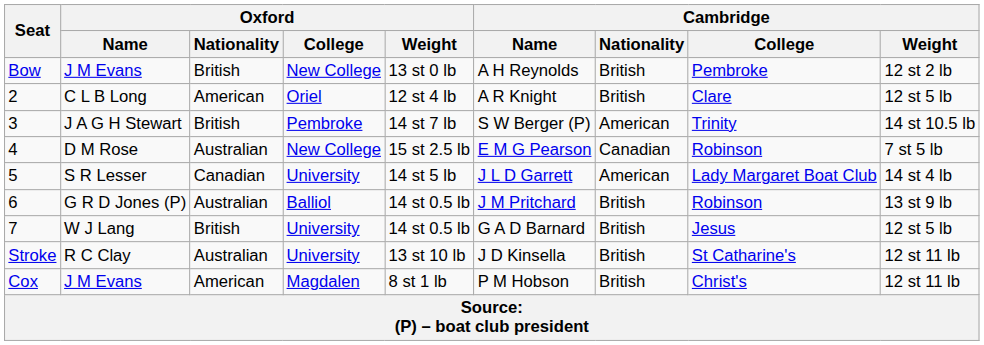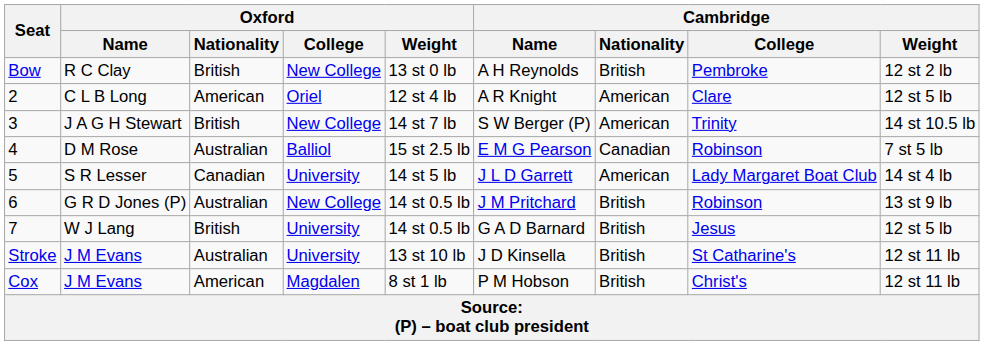 <table class="wikitable">
 <tr>
 <th rowspan="2" scope="col">Seat</th>
 <th colspan="4" scope="col">Oxford <br> </th>
 <th colspan="4" scope="col">Cambridge <br> </th>
 </tr>
 <tr>
 <th>Name</th>
 <th>Nationality</th>
 <th>College</th>
 <th>Weight</th>
 <th>Name</th>
 <th>Nationality</th>
 <th>College</th>
 <th>Weight</th>
 </tr>
 <tr>
 <td><a href='#'>Bow</a></td>
-<td><a href='#'>J M Evans</a></td>
+<td>R C Clay</td>
 <td>British</td>
 <td><a href='#'>New College</a></td>
 <td>13 st 0 lb</td>
 <td>A H Reynolds</td>
 <td>British</td>
 <td><a href='#'>Pembroke</a></td>
 <td>12 st 2 lb</td>
 </tr>
 <tr>
 <td>2</td>
 <td>C L B Long</td>
 <td>American</td>
 <td><a href='#'>Oriel</a></td>
 <td>12 st 4 lb</td>
 <td>A R Knight</td>
-<td>British</td>
+<td>American</td>
 <td><a href='#'>Clare</a></td>
 <td>12 st 5 lb</td>
 </tr>
 <tr>
 <td>3</td>
 <td>J A G H Stewart</td>
 <td>British</td>
-<td><a href='#'>Pembroke</a></td>
+<td><a href='#'>New College</a></td>
 <td>14 st 7 lb</td>
 <td>S W Berger (P)</td>
 <td>American</td>
 <td><a href='#'>Trinity</a></td>
 <td>14 st 10.5 lb</td>
 </tr>
 <tr>
 <td>4</td>
 <td>D M Rose</td>
 <td>Australian</td>
-<td><a href='#'>New College</a></td>
+<td><a href='#'>Balliol</a></td>
 <td>15 st 2.5 lb</td>
 <td><a href='#'>E M G Pearson</a></td>
 <td>Canadian</td>
 <td><a href='#'>Robinson</a></td>
 <td>7 st 5 lb</td>
 </tr>
 <tr>
 <td>5</td>
 <td>S R Lesser</td>
 <td>Canadian</td>
 <td><a href='#'>University</a></td>
 <td>14 st 5 lb</td>
 <td><a href='#'>J L D Garrett</a></td>
 <td>American</td>
 <td><a href='#'>Lady Margaret Boat Club</a></td>
 <td>14 st 4 lb</td>
 </tr>
 <tr>
 <td>6</td>
 <td>G R D Jones (P)</td>
 <td>Australian</td>
-<td><a href='#'>Balliol</a></td>
+<td><a href='#'>New College</a></td>
 <td>14 st 0.5 lb</td>
 <td><a href='#'>J M Pritchard</a></td>
 <td>British</td>
 <td><a href='#'>Robinson</a></td>
 <td>13 st 9 lb</td>
 </tr>
 <tr>
 <td>7</td>
 <td>W J Lang</td>
 <td>British</td>
 <td><a href='#'>University</a></td>
 <td>14 st 0.5 lb</td>
 <td>G A D Barnard</td>
 <td>British</td>
 <td><a href='#'>Jesus</a></td>
 <td>12 st 5 lb</td>
 </tr>
 <tr>
 <td><a href='#'>Stroke</a></td>
-<td>R C Clay</td>
+<td><a href='#'>J M Evans</a></td>
 <td>Australian</td>
 <td><a href='#'>University</a></td>
 <td>13 st 10 lb</td>
 <td>J D Kinsella</td>
 <td>British</td>
 <td><a href='#'>St Catharine's</a></td>
 <td>12 st 11 lb</td>
 </tr>
 <tr>
 <td><a href='#'>Cox</a></td>
 <td><a href='#'>J M Evans</a></td>
 <td>American</td>
 <td><a href='#'>Magdalen</a></td>
 <td>8 st 1 lb</td>
 <td>P M Hobson</td>
 <td>British</td>
 <td><a href='#'>Christ's</a></td>
 <td>12 st 11 lb</td>
 </tr>
 <tr>
 <th colspan="9">Source:<br>(P) – boat club president</th>
 </tr>
 </table>
